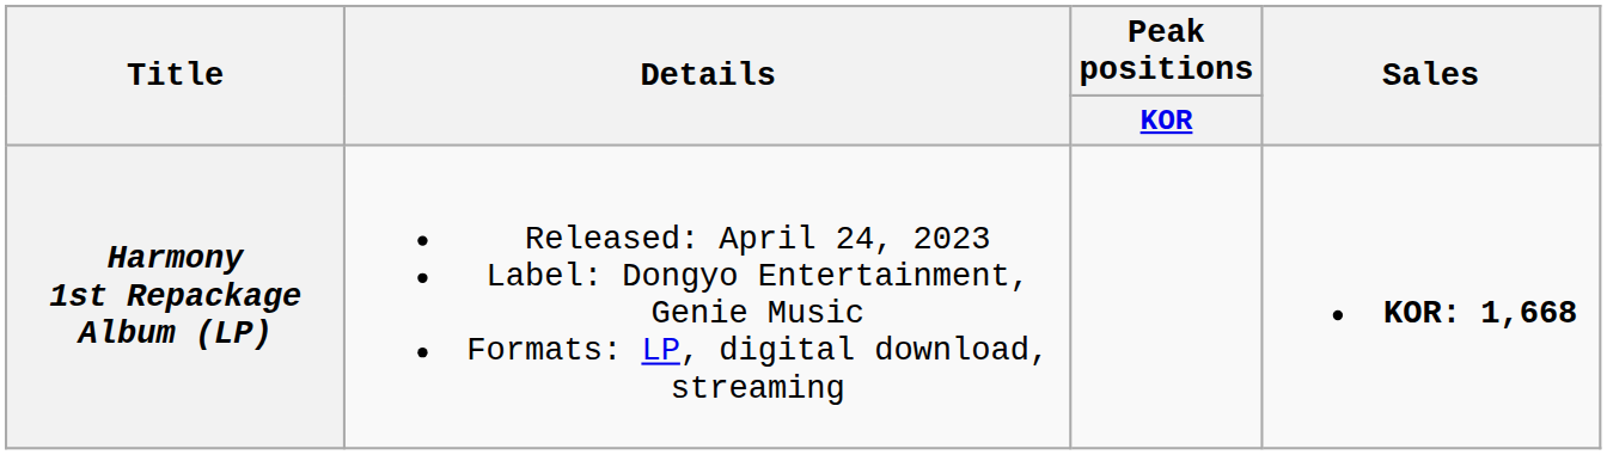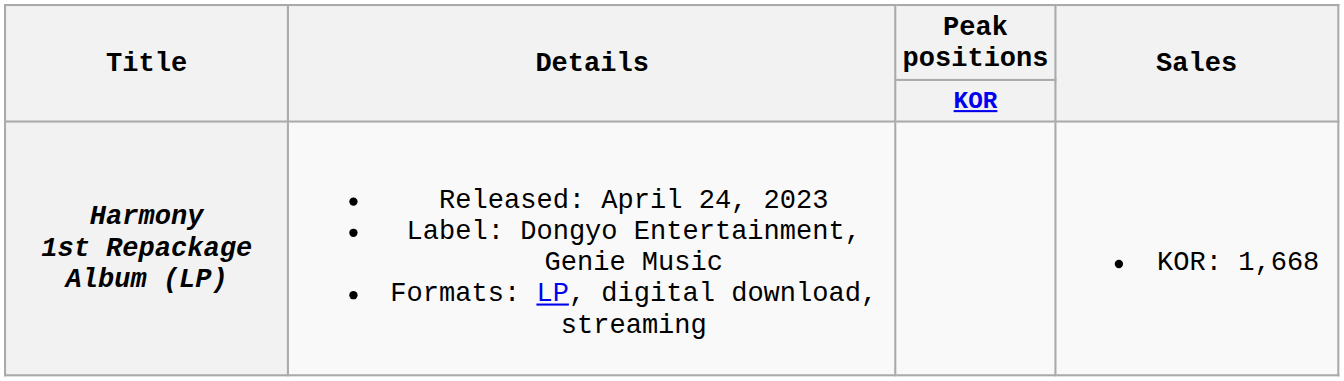 <table class="wikitable plainrowheaders" style="text-align:center;">
 <tr>
 <th scope="col" rowspan="2" style="width:10em;">Title</th>
 <th scope="col" rowspan="2" style="width:22em;">Details</th>
 <th scope="col">Peak<br>positions</th>
 <th scope="col" rowspan="2" style="width:10em;">Sales</th>
 </tr>
 <tr>
 <th scope="col" style="width:2.2em;font-size:90%;"><a href='#'>KOR</a><br></th>
 </tr>
 <tr>
 <th scope="row"><em>Harmony<br>1st Repackage Album (LP)</em></th>
 <td><br><ul><li>Released: April 24, 2023</li><li>Label: Dongyo Entertainment, Genie Music</li><li>Formats: <a href='#'>LP</a>, digital download, streaming</li></ul></td>
 <td></td>
-<td><strong><br><ul><li>KOR: 1,668</li></ul></strong></td>
+<td><br><ul><li>KOR: 1,668</li></ul></td>
 </tr>
 </table>
